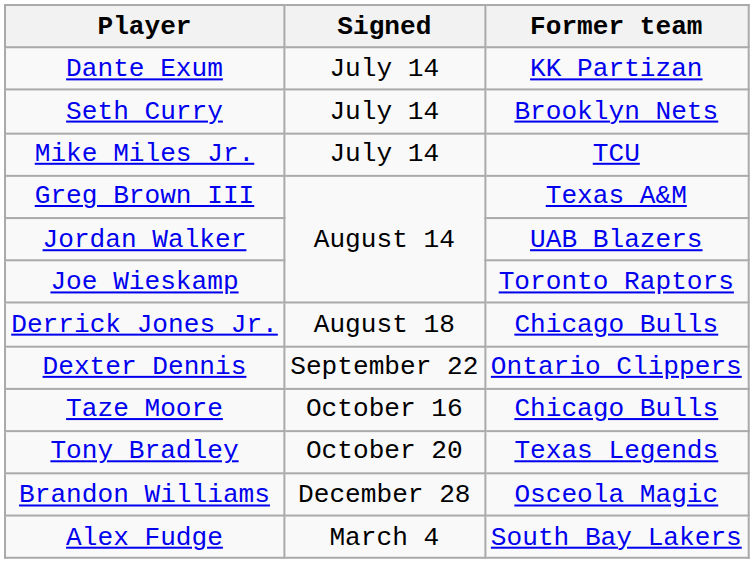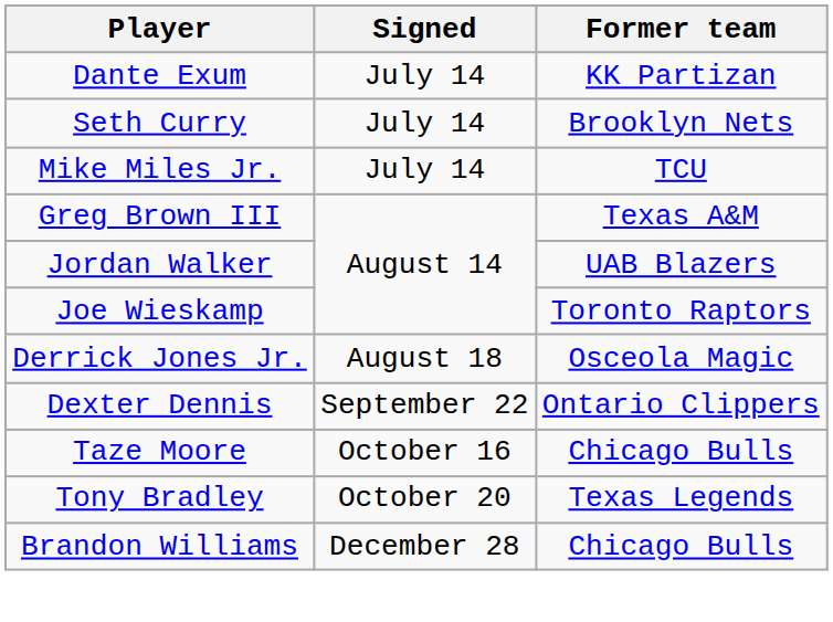 <table class="wikitable sortable sortable" style="text-align: center">
 <tr>
 <th>Player</th>
 <th>Signed</th>
 <th>Former team</th>
 </tr>
 <tr>
 <td><a href='#'>Dante Exum</a></td>
 <td>July 14</td>
 <td> <a href='#'>KK Partizan</a></td>
 </tr>
 <tr>
 <td><a href='#'>Seth Curry</a></td>
 <td>July 14</td>
 <td><a href='#'>Brooklyn Nets</a></td>
 </tr>
 <tr>
 <td><a href='#'>Mike Miles Jr.</a></td>
 <td>July 14</td>
 <td><a href='#'>TCU</a></td>
 </tr>
 <tr>
 <td><a href='#'>Greg Brown III</a></td>
 <td rowspan=3>August 14</td>
 <td><a href='#'>Texas A&M</a></td>
 </tr>
 <tr>
 <td><a href='#'>Jordan Walker</a></td>
 <td><a href='#'>UAB Blazers</a></td>
 </tr>
 <tr>
 <td><a href='#'>Joe Wieskamp</a></td>
 <td><a href='#'>Toronto Raptors</a></td>
 </tr>
 <tr>
 <td><a href='#'>Derrick Jones Jr.</a></td>
 <td>August 18</td>
-<td><a href='#'>Chicago Bulls</a></td>
+<td><a href='#'>Osceola Magic</a></td>
 </tr>
 <tr>
 <td><a href='#'>Dexter Dennis</a></td>
 <td>September 22</td>
 <td><a href='#'>Ontario Clippers</a></td>
 </tr>
 <tr>
 <td><a href='#'>Taze Moore</a></td>
 <td>October 16</td>
 <td><a href='#'>Chicago Bulls</a></td>
 </tr>
 <tr>
 <td><a href='#'>Tony Bradley</a></td>
 <td>October 20</td>
 <td><a href='#'>Texas Legends</a></td>
 </tr>
 <tr>
 <td><a href='#'>Brandon Williams</a></td>
 <td>December 28</td>
-<td><a href='#'>Osceola Magic</a></td>
-</tr>
-<tr>
-<td><a href='#'>Alex Fudge</a></td>
-<td>March 4</td>
-<td><a href='#'>South Bay Lakers</a></td>
+<td><a href='#'>Chicago Bulls</a></td>
 </tr>
 </table>
